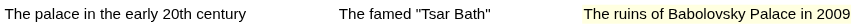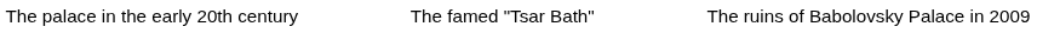 <table class="graytable" style="margin:1em auto;">
 <tr>
 <td width="29%"></td>
 <td width="5%"></td>
 <td width="29%"></td>
 <td width="5%"></td>
 <td></td>
 </tr>
 <tr>
 <td align="center">The palace in the early 20th century</td>
 <td></td>
 <td align="center">The famed "Tsar Bath"</td>
 <td></td>
-<td align="center" style="background: lightyellow;">The ruins of Babolovsky Palace in 2009</td>
+<td align="center">The ruins of Babolovsky Palace in 2009</td>
 </tr>
 </table>
